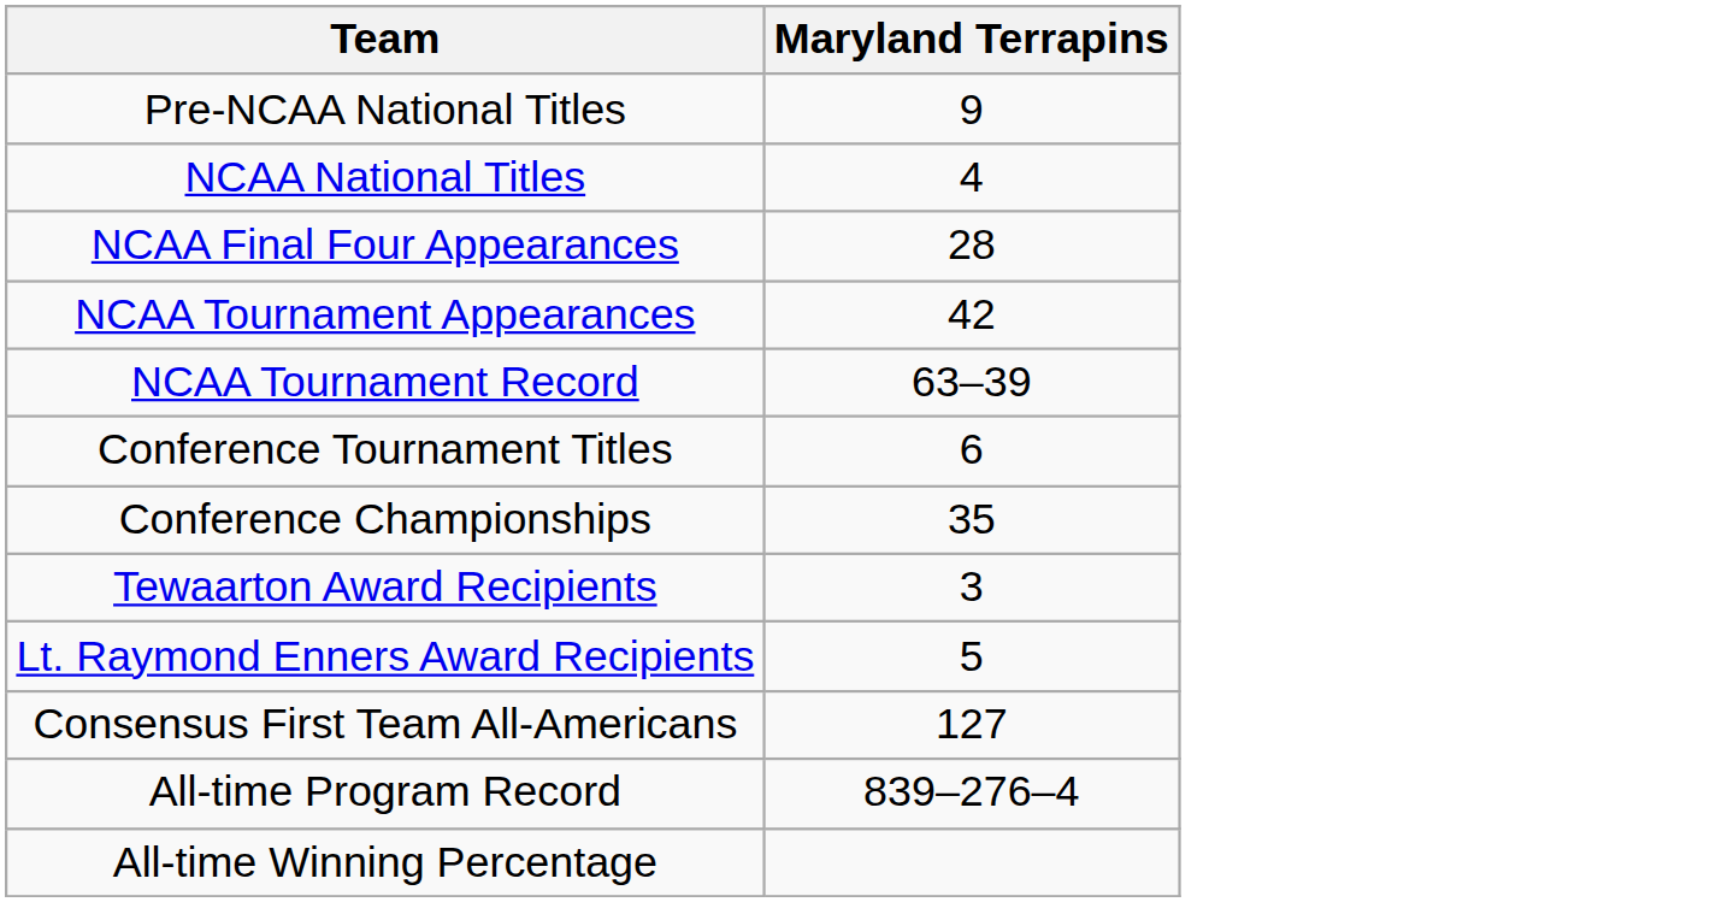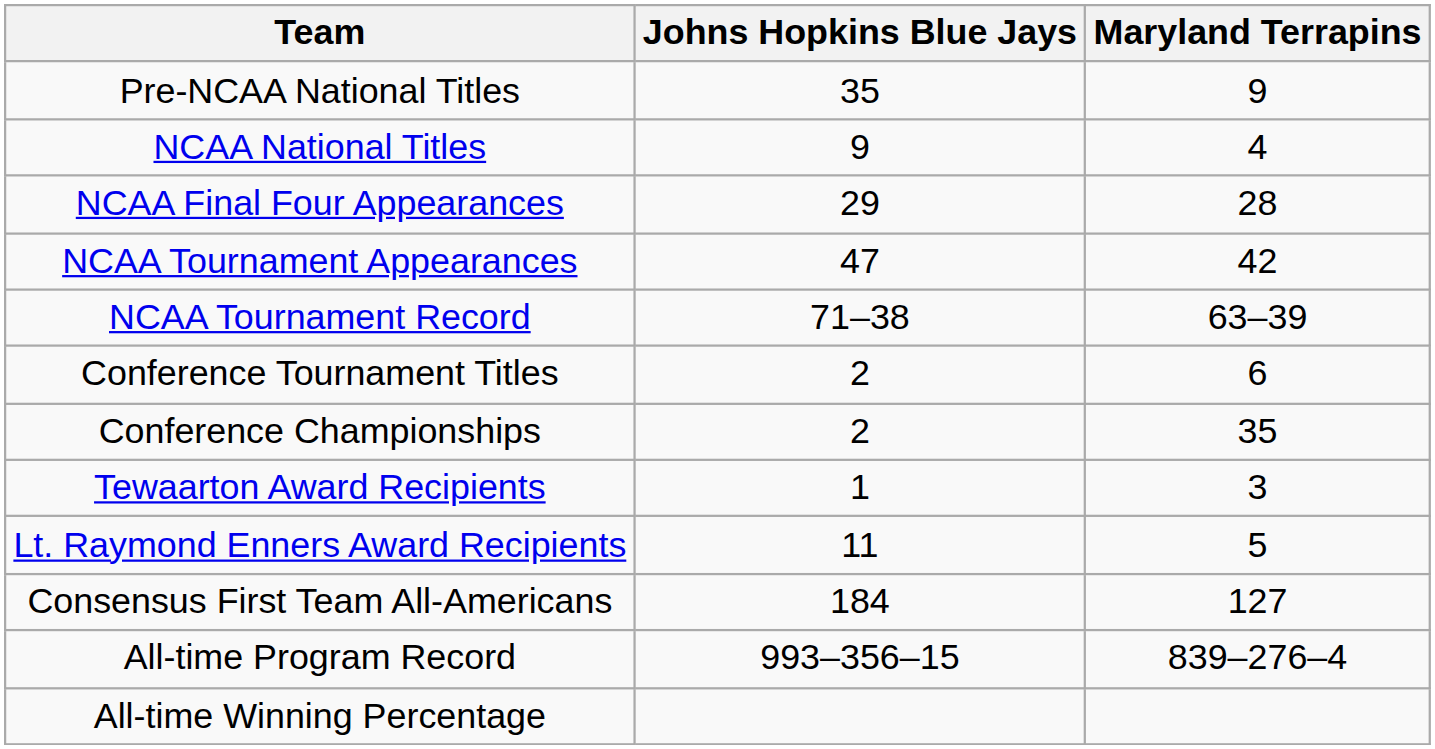 <table class="wikitable" style="text-align:center;">
 <tr>
 <th>Team</th>
+<th>Johns Hopkins Blue Jays</th>
 <th>Maryland Terrapins</th>
 </tr>
 <tr>
 <td>Pre-NCAA National Titles</td>
+<td style=>35</td>
 <td>9</td>
 </tr>
 <tr>
 <td><a href='#'>NCAA National Titles</a></td>
+<td style=>9</td>
 <td>4</td>
 </tr>
 <tr>
 <td><a href='#'>NCAA Final Four Appearances</a></td>
+<td>29</td>
 <td>28</td>
 </tr>
 <tr>
 <td><a href='#'>NCAA Tournament Appearances</a></td>
+<td>47</td>
 <td>42</td>
 </tr>
 <tr>
 <td><a href='#'>NCAA Tournament Record</a></td>
+<td>71–38</td>
 <td>63–39</td>
 </tr>
 <tr>
 <td>Conference Tournament Titles</td>
+<td>2</td>
 <td>6</td>
 </tr>
 <tr>
 <td>Conference Championships</td>
+<td>2</td>
 <td>35</td>
 </tr>
 <tr>
 <td><a href='#'>Tewaarton Award Recipients</a></td>
+<td>1</td>
 <td>3</td>
 </tr>
 <tr>
 <td><a href='#'>Lt. Raymond Enners Award Recipients</a></td>
+<td>11</td>
 <td>5</td>
 </tr>
 <tr>
 <td>Consensus First Team All-Americans</td>
+<td>184</td>
 <td>127</td>
 </tr>
 <tr>
 <td>All-time Program Record</td>
+<td>993–356–15</td>
 <td>839–276–4</td>
 </tr>
 <tr>
 <td>All-time Winning Percentage</td>
 <td></td>
+<td></td>
 </tr>
 </table>
